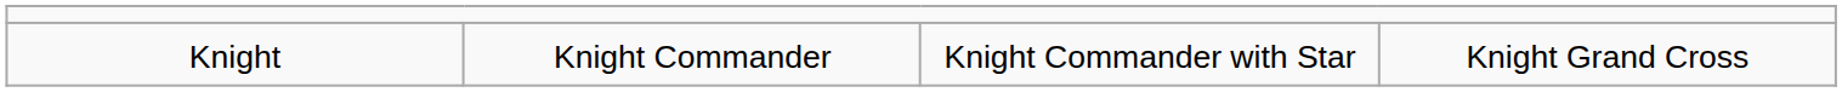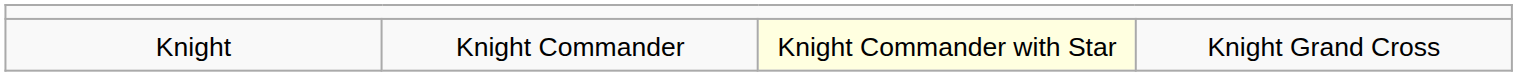 <table class="wikitable" style="margin-left: auto; margin-right: auto; border: none; width:60%;">
 <tr>
 <td colspan="4" style="text-align:center;"></td>
 </tr>
 <tr>
 <td style="vertical-align:top; width:20%; text-align:center;"><small>Knight</small></td>
 <td style="vertical-align:top; width:20%; text-align:center;"><small>Knight Commander</small></td>
-<td style="vertical-align:top; width:20%; text-align:center;"><small>Knight Commander with Star</small></td>
+<td style="background: lightyellow; vertical-align:top; width:20%; text-align:center;"><small>Knight Commander with Star</small></td>
 <td style="vertical-align:top; width:20%; text-align:center;"><small>Knight Grand Cross</small></td>
 </tr>
 </table>
